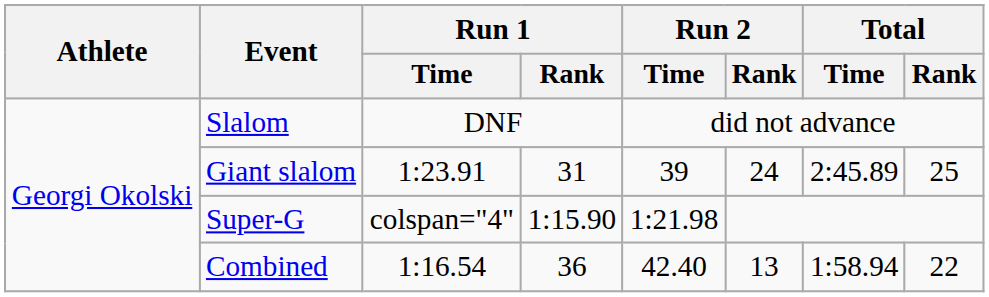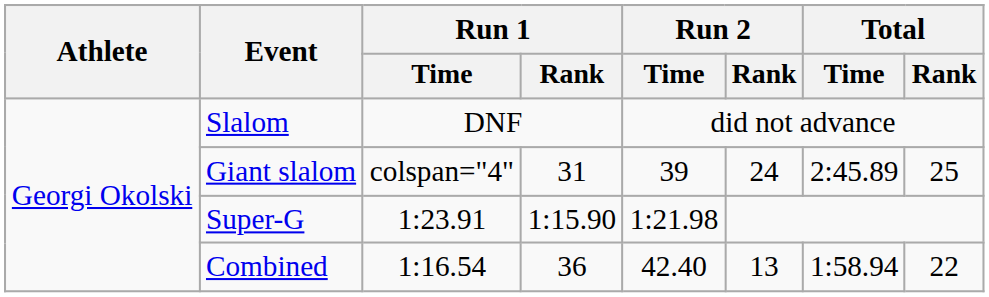 <table class="wikitable" style="font-size:90%">
 <tr>
 <th rowspan=2>Athlete</th>
 <th rowspan=2>Event</th>
 <th colspan=2>Run 1</th>
 <th colspan=2>Run 2</th>
 <th colspan=2>Total</th>
 </tr>
 <tr style="font-size:95%">
 <th>Time</th>
 <th>Rank</th>
 <th>Time</th>
 <th>Rank</th>
 <th>Time</th>
 <th>Rank</th>
 </tr>
 <tr align=center>
 <td align="left" rowspan="4"><a href='#'>Georgi Okolski</a></td>
 <td align="left"><a href='#'>Slalom</a></td>
 <td colspan=2>DNF</td>
 <td colspan=4>did not advance</td>
 </tr>
 <tr align=center>
 <td align="left"><a href='#'>Giant slalom</a></td>
-<td>1:23.91</td>
+<td>colspan="4" </td>
 <td>31</td>
 <td>39</td>
 <td>24</td>
 <td>2:45.89</td>
 <td>25</td>
 </tr>
 <tr align=center>
 <td align="left"><a href='#'>Super-G</a></td>
-<td>colspan="4" </td>
+<td>1:23.91</td>
 <td>1:15.90</td>
 <td>1:21.98</td>
 </tr>
 <tr align=center>
 <td align="left"><a href='#'>Combined</a></td>
 <td>1:16.54</td>
 <td>36</td>
 <td>42.40</td>
 <td>13</td>
 <td>1:58.94</td>
 <td>22</td>
 </tr>
 </table>
